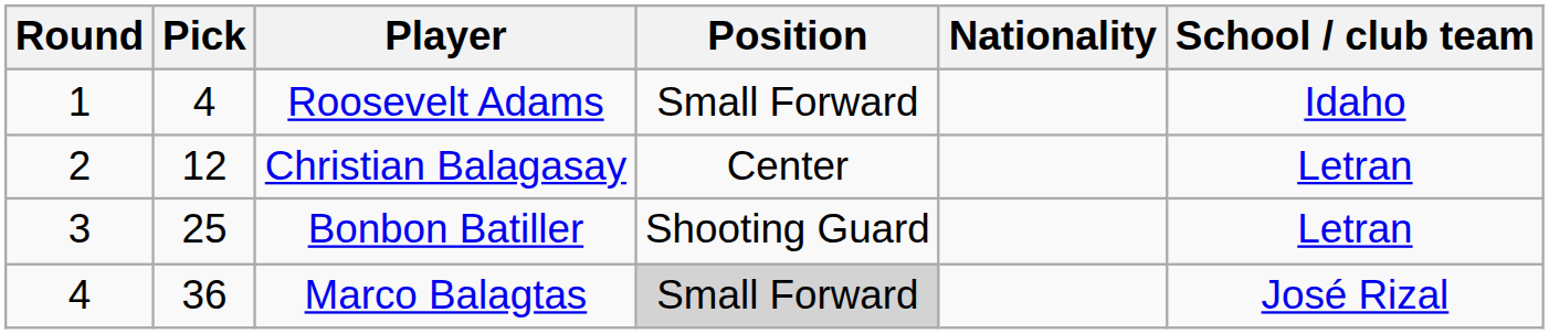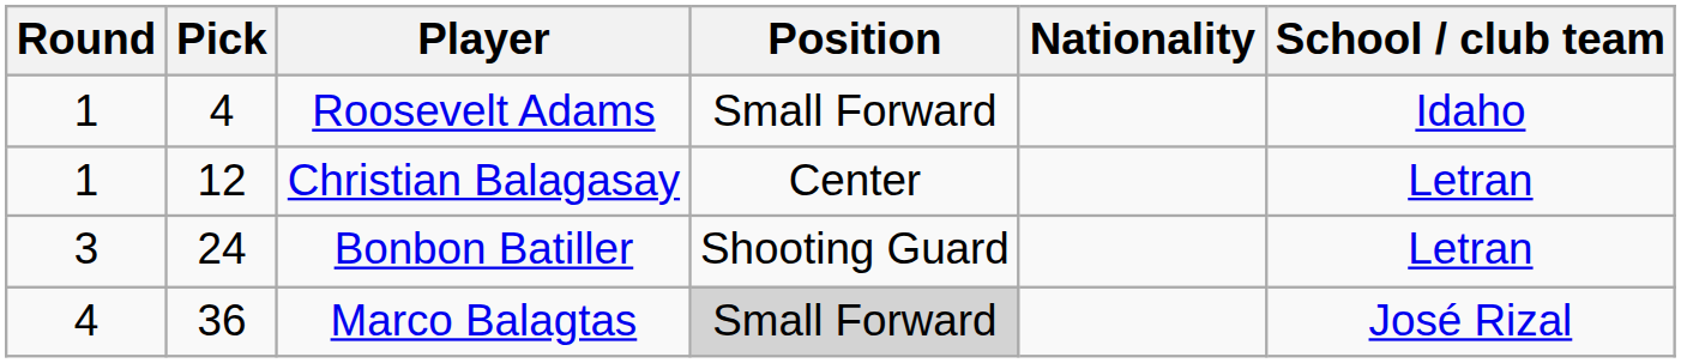 <table class="wikitable sortable sortable">
 <tr>
 <th>Round</th>
 <th>Pick</th>
 <th>Player</th>
 <th>Position</th>
 <th>Nationality</th>
 <th>School / club team</th>
 </tr>
 <tr style="text-align: center">
 <td>1</td>
 <td>4</td>
 <td><a href='#'>Roosevelt Adams</a></td>
 <td>Small Forward</td>
 <td></td>
 <td><a href='#'>Idaho</a></td>
 </tr>
 <tr style="text-align: center">
-<td>2</td>
+<td>1</td>
 <td>12</td>
 <td><a href='#'>Christian Balagasay</a></td>
 <td>Center</td>
 <td></td>
 <td><a href='#'>Letran</a></td>
 </tr>
 <tr style="text-align: center">
 <td>3</td>
-<td>25</td>
+<td>24</td>
 <td><a href='#'>Bonbon Batiller</a></td>
 <td>Shooting Guard</td>
 <td></td>
 <td><a href='#'>Letran</a></td>
 </tr>
 <tr style="text-align: center">
 <td>4</td>
 <td>36</td>
 <td><a href='#'>Marco Balagtas</a></td>
 <td style="background: lightgrey;">Small Forward</td>
 <td></td>
 <td><a href='#'>José Rizal</a></td>
 </tr>
 </table>
